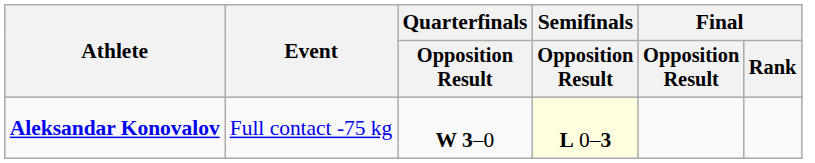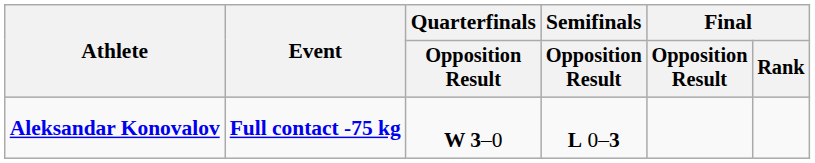 <table class="wikitable" style="font-size:90%">
 <tr>
 <th rowspan="2">Athlete</th>
 <th rowspan="2">Event</th>
 <th>Quarterfinals</th>
 <th>Semifinals</th>
 <th colspan=2>Final</th>
 </tr>
 <tr style="font-size:95%">
 <th>Opposition<br>Result</th>
 <th>Opposition<br>Result</th>
 <th>Opposition<br>Result</th>
 <th>Rank</th>
 </tr>
 <tr align=center>
 <td align=left><strong><a href='#'>Aleksandar Konovalov</a></strong></td>
-<td align=left><a href='#'>Full contact -75 kg</a></td>
+<td align=left><strong><a href='#'>Full contact -75 kg</a></strong></td>
 <td><br><strong>W 3</strong>–0</td>
-<td style="background: lightyellow;"><br><strong>L</strong> 0–<strong>3</strong></td>
+<td><br><strong>L</strong> 0–<strong>3</strong></td>
 <td></td>
 <td></td>
 </tr>
 </table>
